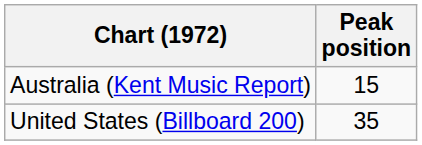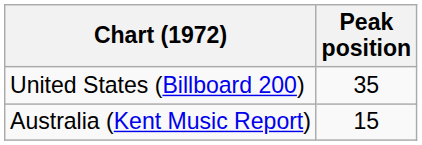 <table class="wikitable">
 <tr>
 <th scope="col">Chart (1972)</th>
 <th>Peak<br>position</th>
 </tr>
 <tr>
+<td>United States (<a href='#'>Billboard 200</a>)</td>
+<td style="text-align:center;">35</td>
+</tr>
+<tr>
 <td>Australia (<a href='#'>Kent Music Report</a>)</td>
 <td style="text-align:center;">15</td>
 </tr>
-<tr>
-<td>United States (<a href='#'>Billboard 200</a>)</td>
-<td style="text-align:center;">35</td>
-</tr>
 </table>
